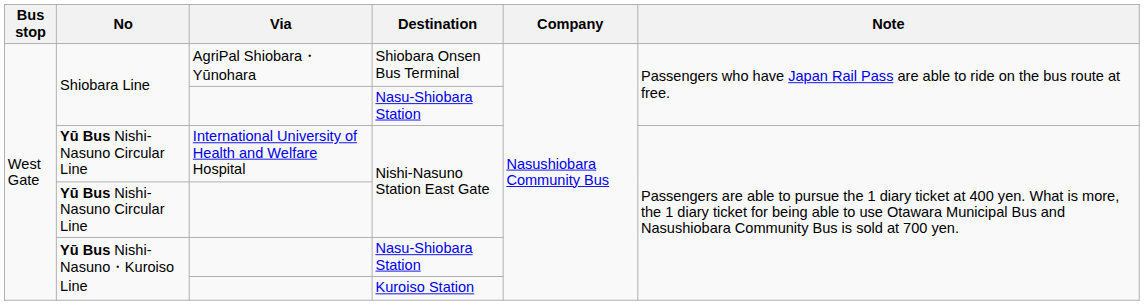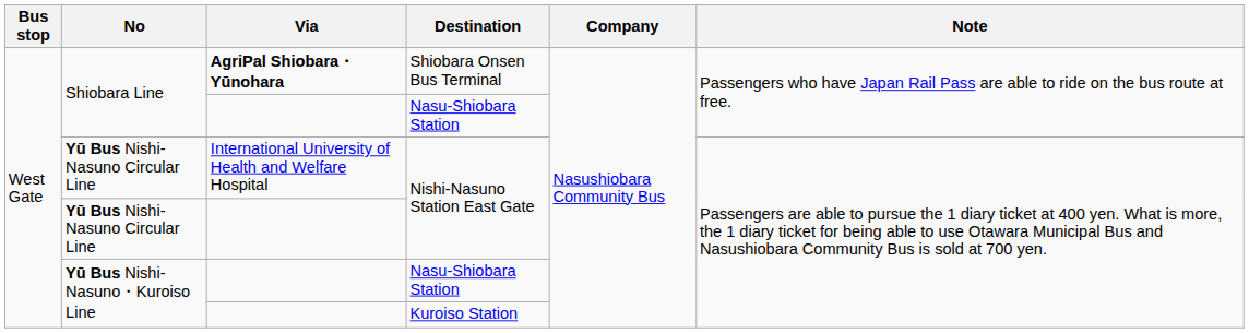 <table class="wikitable">
 <tr>
 <th>Bus stop</th>
 <th>No</th>
 <th>Via</th>
 <th>Destination</th>
 <th>Company</th>
 <th>Note</th>
 </tr>
 <tr>
 <td rowspan="7">West Gate</td>
 <td rowspan="2">Shiobara Line</td>
-<td>AgriPal Shiobara・Yūnohara</td>
+<td><strong>AgriPal Shiobara・Yūnohara</strong></td>
 <td>Shiobara Onsen Bus Terminal</td>
 <td rowspan="6"><a href='#'>Nasushiobara Community Bus</a></td>
 <td rowspan="2">Passengers who have <a href='#'>Japan Rail Pass</a> are able to ride on the bus route at free.</td>
 </tr>
 <tr>
 <td></td>
 <td><a href='#'>Nasu-Shiobara Station</a></td>
 </tr>
 <tr>
 <td><strong>Yū Bus</strong> Nishi-Nasuno Circular Line</td>
 <td><a href='#'>International University of Health and Welfare</a> Hospital</td>
 <td rowspan="2">Nishi-Nasuno Station East Gate</td>
 <td rowspan="5">Passengers are able to pursue the 1 diary ticket at 400 yen. What is more, the 1 diary ticket for being able to use Otawara Municipal Bus and Nasushiobara Community Bus is sold at 700 yen.</td>
 </tr>
 <tr>
 <td><strong>Yū Bus</strong> Nishi-Nasuno Circular Line</td>
 <td></td>
 </tr>
 <tr>
 <td rowspan="2"><strong>Yū Bus</strong> Nishi-Nasuno・Kuroiso Line</td>
 <td></td>
 <td><a href='#'>Nasu-Shiobara Station</a></td>
 </tr>
 <tr>
 <td></td>
 <td><a href='#'>Kuroiso Station</a></td>
 </tr>
 </table>
